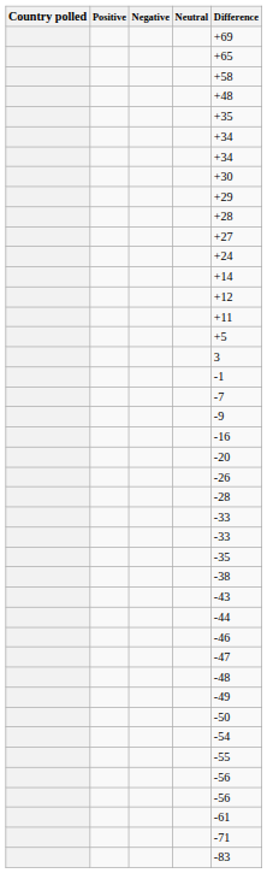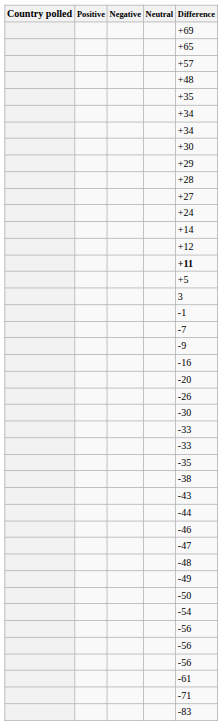 <table class="wikitable sortable floatright plainrowheaders" style="border:1px black; float:right; margin-left:1em; font-size: 90%;">
 <tr>
 <th scope="col">Country polled</th>
 <th scope="col"><small>Positive</small></th>
 <th scope="col"><small>Negative</small></th>
 <th scope="col"><small>Neutral</small></th>
 <th scope="col"><small>Difference</small></th>
 </tr>
 <tr>
 <th scope="row"></th>
 <td></td>
 <td></td>
 <td></td>
 <td><span>+69</span></td>
 </tr>
 <tr>
 <th scope="row"></th>
 <td></td>
 <td></td>
 <td></td>
 <td><span>+65</span></td>
 </tr>
 <tr>
 <th scope="row"></th>
 <td></td>
 <td></td>
 <td></td>
-<td><span>+58</span></td>
+<td><span>+57</span></td>
 </tr>
 <tr>
 <th scope="row"></th>
 <td></td>
 <td></td>
 <td></td>
 <td><span>+48</span></td>
 </tr>
 <tr>
 <th scope="row"></th>
 <td></td>
 <td></td>
 <td></td>
 <td><span>+35</span></td>
 </tr>
 <tr>
 <th scope="row"></th>
 <td></td>
 <td></td>
 <td></td>
 <td><span>+34</span></td>
 </tr>
 <tr>
 <th scope="row"></th>
 <td></td>
 <td></td>
 <td></td>
 <td><span>+34</span></td>
 </tr>
 <tr>
 <th scope="row"></th>
 <td></td>
 <td></td>
 <td></td>
 <td><span>+30</span></td>
 </tr>
 <tr>
 <th scope="row"></th>
 <td></td>
 <td></td>
 <td></td>
 <td><span>+29</span></td>
 </tr>
 <tr>
 <th scope="row"></th>
 <td></td>
 <td></td>
 <td></td>
 <td><span>+28</span></td>
 </tr>
 <tr>
 <th scope="row"></th>
 <td></td>
 <td></td>
 <td></td>
 <td><span>+27</span></td>
 </tr>
 <tr>
 <th scope="row"></th>
 <td></td>
 <td></td>
 <td></td>
 <td><span>+24</span></td>
 </tr>
 <tr>
 <th scope="row"></th>
 <td></td>
 <td></td>
 <td></td>
 <td><span>+14</span></td>
 </tr>
 <tr>
 <th scope="row"></th>
 <td></td>
 <td></td>
 <td></td>
 <td><span>+12</span></td>
 </tr>
 <tr>
 <th scope="row"></th>
 <td></td>
 <td></td>
 <td></td>
-<td><span>+11</span></td>
+<td><strong><span>+11</span></strong></td>
 </tr>
 <tr>
 <th scope="row"></th>
 <td></td>
 <td></td>
 <td></td>
 <td><span>+5</span></td>
 </tr>
 <tr>
 <th scope="row"></th>
 <td></td>
 <td></td>
 <td></td>
 <td><span>3</span></td>
 </tr>
 <tr>
 <th scope="row"></th>
 <td></td>
 <td></td>
 <td></td>
 <td><span>-1</span></td>
 </tr>
 <tr>
 <th scope="row"></th>
 <td></td>
 <td></td>
 <td></td>
 <td><span>-7</span></td>
 </tr>
 <tr>
 <th scope="row"></th>
 <td></td>
 <td></td>
 <td></td>
 <td><span>-9</span></td>
 </tr>
 <tr>
 <th scope="row"></th>
 <td></td>
 <td></td>
 <td></td>
 <td><span>-16</span></td>
 </tr>
 <tr>
 <th scope="row"></th>
 <td></td>
 <td></td>
 <td></td>
 <td><span>-20</span></td>
 </tr>
 <tr>
 <th scope="row"></th>
 <td></td>
 <td></td>
 <td></td>
 <td><span>-26</span></td>
 </tr>
 <tr>
 <th scope="row"></th>
 <td></td>
 <td></td>
 <td></td>
-<td><span>-28</span></td>
+<td><span>-30</span></td>
 </tr>
 <tr>
 <th scope="row"></th>
 <td></td>
 <td></td>
 <td></td>
 <td><span>-33</span></td>
 </tr>
 <tr>
 <th scope="row"></th>
 <td></td>
 <td></td>
 <td></td>
 <td><span>-33</span></td>
 </tr>
 <tr>
 <th scope="row"></th>
 <td></td>
 <td></td>
 <td></td>
 <td><span>-35</span></td>
 </tr>
 <tr>
 <th scope="row"></th>
 <td></td>
 <td></td>
 <td></td>
 <td><span>-38</span></td>
 </tr>
 <tr>
 <th scope="row"></th>
 <td></td>
 <td></td>
 <td></td>
 <td><span>-43</span></td>
 </tr>
 <tr>
 <th scope="row"></th>
 <td></td>
 <td></td>
 <td></td>
 <td><span>-44</span></td>
 </tr>
 <tr>
 <th scope="row"></th>
 <td></td>
 <td></td>
 <td></td>
 <td><span>-46</span></td>
 </tr>
 <tr>
 <th scope="row"></th>
 <td></td>
 <td></td>
 <td></td>
 <td><span>-47</span></td>
 </tr>
 <tr>
 <th scope="row"></th>
 <td></td>
 <td></td>
 <td></td>
 <td><span>-48</span></td>
 </tr>
 <tr>
 <th scope="row"></th>
 <td></td>
 <td></td>
 <td></td>
 <td><span>-49</span></td>
 </tr>
 <tr>
 <th scope="row"></th>
 <td></td>
 <td></td>
 <td></td>
 <td><span>-50</span></td>
 </tr>
 <tr>
 <th scope="row"></th>
 <td></td>
 <td></td>
 <td></td>
 <td><span>-54</span></td>
 </tr>
 <tr>
 <th scope="row"></th>
 <td></td>
 <td></td>
 <td></td>
-<td><span>-55</span></td>
+<td><span>-56</span></td>
 </tr>
 <tr>
 <th scope="row"></th>
 <td></td>
 <td></td>
 <td></td>
 <td><span>-56</span></td>
 </tr>
 <tr>
 <th scope="row"></th>
 <td></td>
 <td></td>
 <td></td>
 <td><span>-56</span></td>
 </tr>
 <tr>
 <th scope="row"></th>
 <td></td>
 <td></td>
 <td></td>
 <td><span>-61</span></td>
 </tr>
 <tr>
 <th scope="row"></th>
 <td></td>
 <td></td>
 <td></td>
 <td><span>-71</span></td>
 </tr>
 <tr>
 <th scope="row"></th>
 <td></td>
 <td></td>
 <td></td>
 <td><span>-83</span></td>
 </tr>
 <tr>
 </tr>
 </table>
